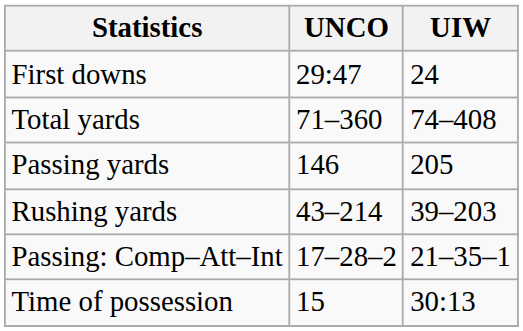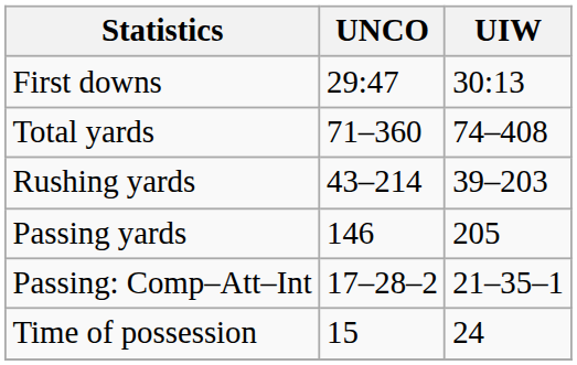 <table class="wikitable" style="float: left;">
 <tr>
 <th>Statistics</th>
 <th>UNCO</th>
 <th>UIW</th>
 </tr>
 <tr>
 <td>First downs</td>
 <td>29:47</td>
-<td>24</td>
+<td>30:13</td>
 </tr>
 <tr>
 <td>Total yards</td>
 <td>71–360</td>
 <td>74–408</td>
 </tr>
 <tr>
+<td>Rushing yards</td>
+<td>43–214</td>
+<td>39–203</td>
+</tr>
+<tr>
 <td>Passing yards</td>
 <td>146</td>
 <td>205</td>
-</tr>
-<tr>
-<td>Rushing yards</td>
-<td>43–214</td>
-<td>39–203</td>
 </tr>
 <tr>
 <td>Passing: Comp–Att–Int</td>
 <td>17–28–2</td>
 <td>21–35–1</td>
 </tr>
 <tr>
 <td>Time of possession</td>
 <td>15</td>
-<td>30:13</td>
+<td>24</td>
 </tr>
 <tr>
 </tr>
 </table>
